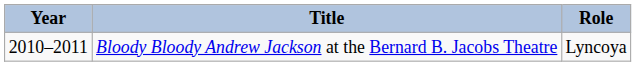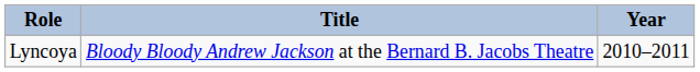 <table class="wikitable">
 <tr>
+<th style="background:#B0C4DE;">Role</th>
+<th style="background:#B0C4DE;">Title</th>
 <th style="background:#B0C4DE;">Year</th>
-<th style="background:#B0C4DE;">Title</th>
-<th style="background:#B0C4DE;">Role</th>
 </tr>
 <tr>
+<td>Lyncoya</td>
+<td><em><a href='#'>Bloody Bloody Andrew Jackson</a></em> at the  <a href='#'>Bernard B. Jacobs Theatre</a></td>
 <td>2010–2011</td>
-<td><em><a href='#'>Bloody Bloody Andrew Jackson</a></em> at the  <a href='#'>Bernard B. Jacobs Theatre</a></td>
-<td>Lyncoya</td>
 </tr>
 </table>
